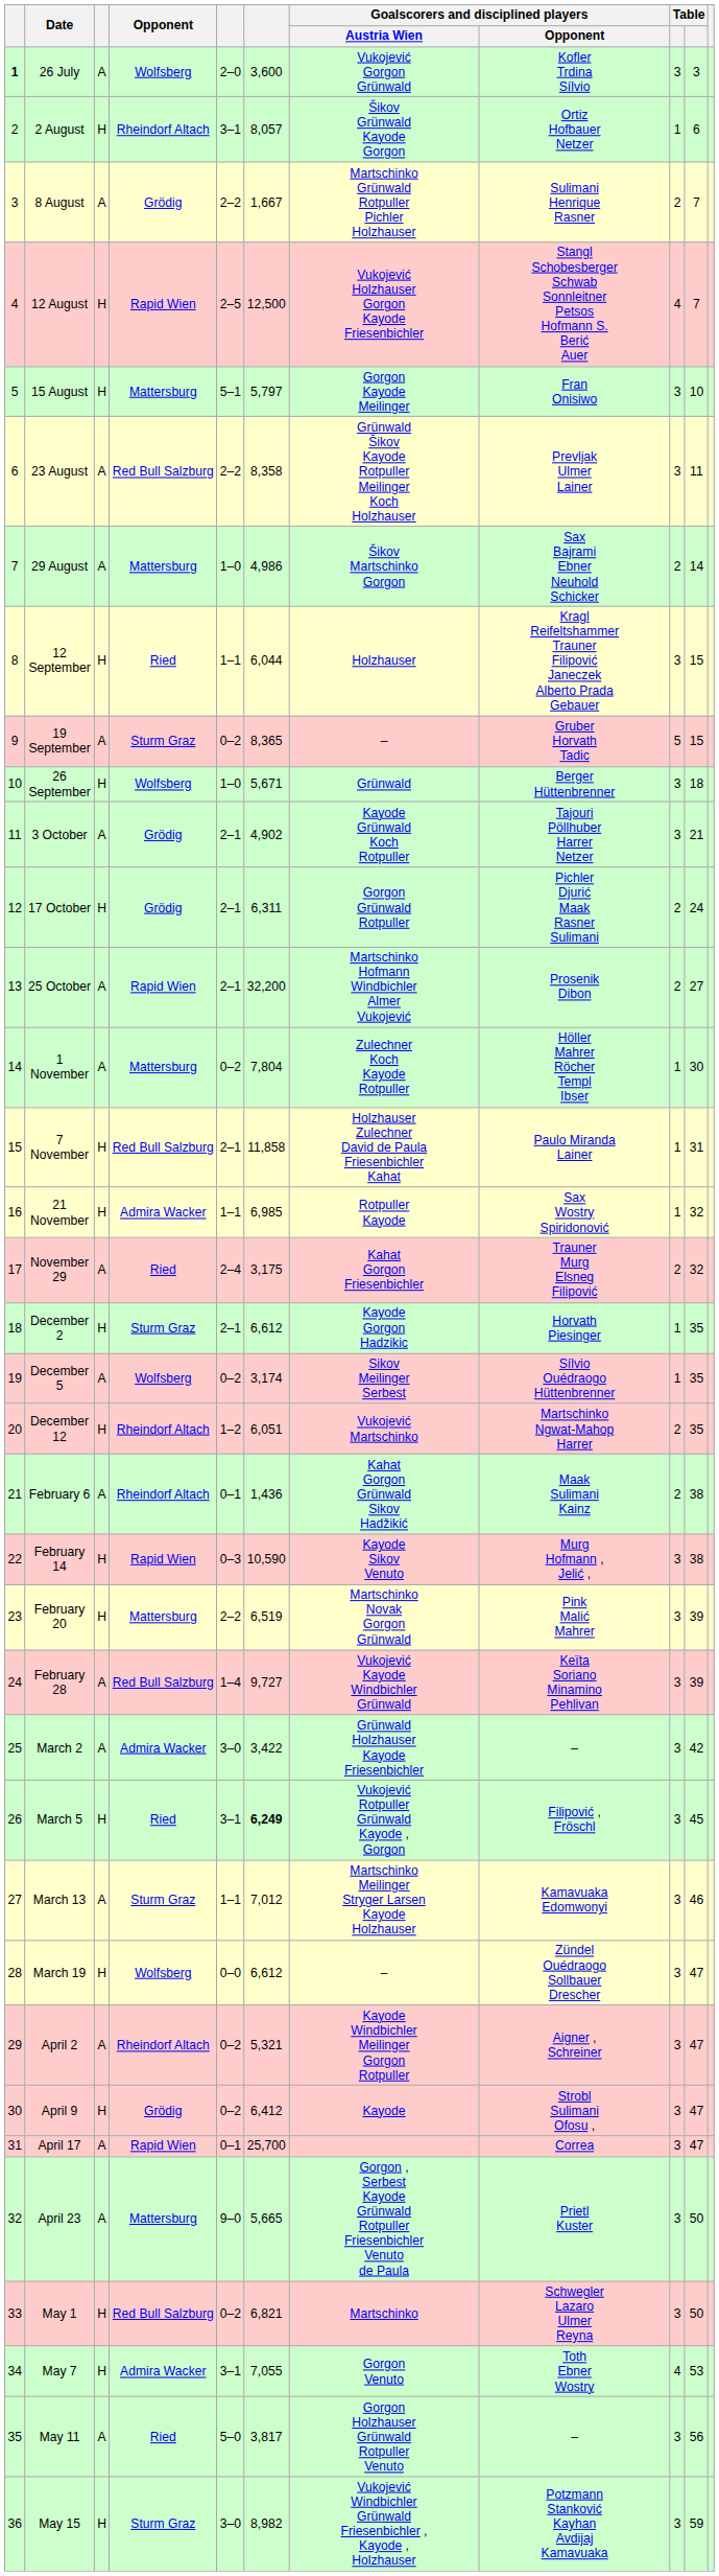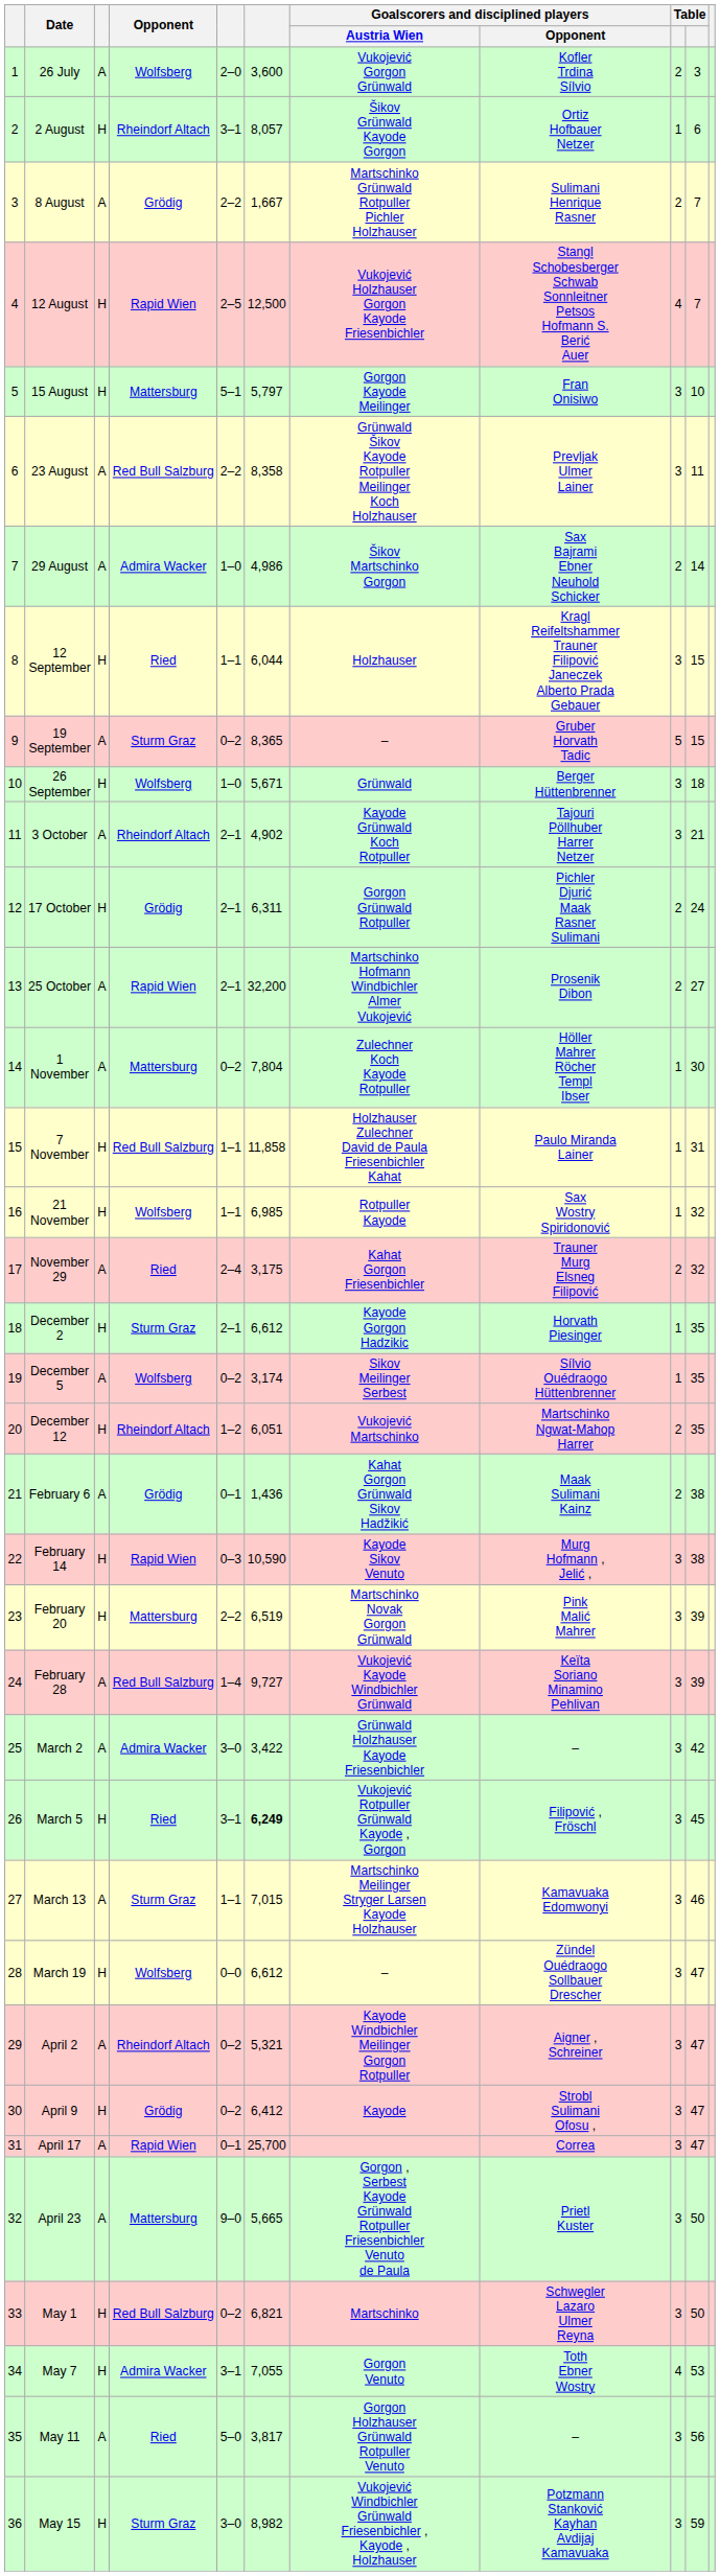 <table class="wikitable" Style="text-align: center;font-size:75%">
 <tr>
 <th rowspan="2"></th>
 <th rowspan="2" style="width:60px">Date</th>
 <th rowspan="2"></th>
 <th rowspan="2">Opponent</th>
 <th rowspan="2"><br></th>
 <th rowspan="2"></th>
 <th colspan="2">Goalscorers and disciplined players</th>
 <th colspan="2">Table</th>
 <th rowspan="2"></th>
 </tr>
 <tr>
 <th style="width:175px"><a href='#'>Austria Wien</a></th>
 <th style="width:175px">Opponent</th>
 <th></th>
 <th></th>
 </tr>
 <tr style="background:#cfc">
-<td><strong>1</strong></td>
+<td>1</td>
 <td>26 July</td>
 <td>A</td>
 <td><a href='#'>Wolfsberg</a></td>
 <td>2–0</td>
 <td>3,600</td>
 <td><a href='#'>Vukojević</a> <br><a href='#'>Gorgon</a> <br><a href='#'>Grünwald</a> </td>
 <td><a href='#'>Kofler</a> <br><a href='#'>Trdina</a> <br><a href='#'>Sílvio</a> </td>
-<td>3</td>
+<td>2</td>
 <td>3</td>
 <td><br></td>
 </tr>
 <tr style="background:#cfc">
 <td>2</td>
 <td>2 August</td>
 <td>H</td>
 <td><a href='#'>Rheindorf Altach</a></td>
 <td>3–1</td>
 <td>8,057</td>
 <td><a href='#'>Šikov</a> <br><a href='#'>Grünwald</a> <br><a href='#'>Kayode</a> <br><a href='#'>Gorgon</a> </td>
 <td><a href='#'>Ortiz</a> <br><a href='#'>Hofbauer</a> <br><a href='#'>Netzer</a> </td>
 <td>1</td>
 <td>6</td>
 <td><br></td>
 </tr>
 <tr style="background:#ffc">
 <td>3</td>
 <td>8 August</td>
 <td>A</td>
 <td><a href='#'>Grödig</a></td>
 <td>2–2</td>
 <td>1,667</td>
 <td><a href='#'>Martschinko</a> <br><a href='#'>Grünwald</a>  <br><a href='#'>Rotpuller</a> <br><a href='#'>Pichler</a> <br><a href='#'>Holzhauser</a> </td>
 <td><a href='#'>Sulimani</a> <br><a href='#'>Henrique</a> <br><a href='#'>Rasner</a> </td>
 <td>2</td>
 <td>7</td>
 <td><br></td>
 </tr>
 <tr style="background:#fcc">
 <td>4</td>
 <td>12 August</td>
 <td>H</td>
 <td><a href='#'>Rapid Wien</a></td>
 <td>2–5</td>
 <td>12,500</td>
 <td><a href='#'>Vukojević</a> <br><a href='#'>Holzhauser</a> <br><a href='#'>Gorgon</a> <br><a href='#'>Kayode</a>  <br> <a href='#'>Friesenbichler</a> </td>
 <td><a href='#'>Stangl</a> <br><a href='#'>Schobesberger</a> <br><a href='#'>Schwab</a> <br><a href='#'>Sonnleitner</a> <br><a href='#'>Petsos</a> <br><a href='#'>Hofmann S.</a> <br><a href='#'>Berić</a> <br><a href='#'>Auer</a> </td>
 <td>4</td>
 <td>7</td>
 <td><br></td>
 </tr>
 <tr style="background:#cfc">
 <td>5</td>
 <td>15 August</td>
 <td>H</td>
 <td><a href='#'>Mattersburg</a></td>
 <td>5–1</td>
 <td>5,797</td>
 <td><a href='#'>Gorgon</a>  <br> <a href='#'>Kayode</a>  <br> <a href='#'>Meilinger</a> </td>
 <td><a href='#'>Fran</a>  <br> <a href='#'>Onisiwo</a> </td>
 <td>3</td>
 <td>10</td>
 <td><br></td>
 </tr>
 <tr style="background:#ffc">
 <td>6</td>
 <td>23 August</td>
 <td>A</td>
 <td><a href='#'>Red Bull Salzburg</a></td>
 <td>2–2</td>
 <td>8,358</td>
 <td><a href='#'>Grünwald</a> <br><a href='#'>Šikov</a> <br><a href='#'>Kayode</a> <br><a href='#'>Rotpuller</a>  <br><a href='#'>Meilinger</a> <br><a href='#'>Koch</a> <br><a href='#'>Holzhauser</a> </td>
 <td><a href='#'>Prevljak</a> <br><a href='#'>Ulmer</a> <br><a href='#'>Lainer</a> </td>
 <td>3</td>
 <td>11</td>
 <td><br></td>
 </tr>
 <tr style="background:#cfc">
 <td>7</td>
 <td>29 August</td>
 <td>A</td>
-<td><a href='#'>Mattersburg</a></td>
+<td><a href='#'>Admira Wacker</a></td>
 <td>1–0</td>
 <td>4,986</td>
 <td><a href='#'>Šikov</a>  <br> <a href='#'>Martschinko</a>  <br> <a href='#'>Gorgon</a> </td>
 <td><a href='#'>Sax</a>  <br> <a href='#'>Bajrami</a>  <br> <a href='#'>Ebner</a>  <br> <a href='#'>Neuhold</a>  <br> <a href='#'>Schicker</a> </td>
 <td>2</td>
 <td>14</td>
 <td><br></td>
 </tr>
 <tr style="background:#ffc">
 <td>8</td>
 <td>12 September</td>
 <td>H</td>
 <td><a href='#'>Ried</a></td>
 <td>1–1</td>
 <td>6,044</td>
 <td><a href='#'>Holzhauser</a> </td>
 <td><a href='#'>Kragl</a>  <br> <a href='#'>Reifeltshammer</a>  <br> <a href='#'>Trauner</a>  <br> <a href='#'>Filipović</a>  <br> <a href='#'>Janeczek</a>  <br> <a href='#'>Alberto Prada</a>  <br> <a href='#'>Gebauer</a> </td>
 <td>3</td>
 <td>15</td>
 <td><br></td>
 </tr>
 <tr style="background:#fcc">
 <td>9</td>
 <td>19 September</td>
 <td>A</td>
 <td><a href='#'>Sturm Graz</a></td>
 <td>0–2</td>
 <td>8,365</td>
 <td>–</td>
 <td><a href='#'>Gruber</a>  <br> <a href='#'>Horvath</a>  <br> <a href='#'>Tadic</a> </td>
 <td>5</td>
 <td>15</td>
 <td><br></td>
 </tr>
 <tr style="background:#cfc">
 <td>10</td>
 <td>26 September</td>
 <td>H</td>
 <td><a href='#'>Wolfsberg</a></td>
 <td>1–0</td>
 <td>5,671</td>
 <td><a href='#'>Grünwald</a> </td>
 <td><a href='#'>Berger</a>  <br> <a href='#'>Hüttenbrenner</a> </td>
 <td>3</td>
 <td>18</td>
 <td><br></td>
 </tr>
 <tr style="background:#cfc">
 <td>11</td>
 <td>3 October</td>
 <td>A</td>
-<td><a href='#'>Grödig</a></td>
+<td><a href='#'>Rheindorf Altach</a></td>
 <td>2–1</td>
 <td>4,902</td>
 <td><a href='#'>Kayode</a>  <br> <a href='#'>Grünwald</a>  <br> <a href='#'>Koch</a>   <br> <a href='#'>Rotpuller</a> </td>
 <td><a href='#'>Tajouri</a>  <br> <a href='#'>Pöllhuber</a>  <br> <a href='#'>Harrer</a>  <br> <a href='#'>Netzer</a> </td>
 <td>3</td>
 <td>21</td>
 <td><br></td>
 </tr>
 <tr style="background:#cfc">
 <td>12</td>
 <td>17 October</td>
 <td>H</td>
 <td><a href='#'>Grödig</a></td>
 <td>2–1</td>
 <td>6,311</td>
 <td><a href='#'>Gorgon</a>  <br> <a href='#'>Grünwald</a>  <br> <a href='#'>Rotpuller</a> </td>
 <td><a href='#'>Pichler</a>  <br> <a href='#'>Djurić</a>   <br> <a href='#'>Maak</a>  <br> <a href='#'>Rasner</a>  <br> <a href='#'>Sulimani</a> </td>
 <td>2</td>
 <td>24</td>
 <td><br></td>
 </tr>
 <tr style="background:#cfc">
 <td>13</td>
 <td>25 October</td>
 <td>A</td>
 <td><a href='#'>Rapid Wien</a></td>
 <td>2–1</td>
 <td>32,200</td>
 <td><a href='#'>Martschinko</a>  <br> <a href='#'>Hofmann</a>  <br> <a href='#'>Windbichler</a>  <br> <a href='#'>Almer</a>  <br> <a href='#'>Vukojević</a> </td>
 <td><a href='#'>Prosenik</a>  <br> <a href='#'>Dibon</a> </td>
 <td>2</td>
 <td>27</td>
 <td><br></td>
 </tr>
 <tr style="background:#cfc">
 <td>14</td>
 <td>1 November</td>
 <td>A</td>
 <td><a href='#'>Mattersburg</a></td>
 <td>0–2</td>
 <td>7,804</td>
 <td><a href='#'>Zulechner</a>  <br> <a href='#'>Koch</a>  <br> <a href='#'>Kayode</a>  <br> <a href='#'>Rotpuller</a> </td>
 <td><a href='#'>Höller</a>  <br> <a href='#'>Mahrer</a>  <br> <a href='#'>Röcher</a>  <br> <a href='#'>Templ</a>  <br> <a href='#'>Ibser</a> </td>
 <td>1</td>
 <td>30</td>
 <td><br></td>
 </tr>
 <tr style="background:#ffc">
 <td>15</td>
 <td>7 November</td>
 <td>H</td>
 <td><a href='#'>Red Bull Salzburg</a></td>
-<td>2–1</td>
+<td>1–1</td>
 <td>11,858</td>
 <td><a href='#'>Holzhauser</a>  <br> <a href='#'>Zulechner</a>  <br> <a href='#'>David de Paula</a>  <br> <a href='#'>Friesenbichler</a>  <br> <a href='#'>Kahat</a> </td>
 <td><a href='#'>Paulo Miranda</a>   <br> <a href='#'>Lainer</a> </td>
 <td>1</td>
 <td>31</td>
 <td><br></td>
 </tr>
 <tr style="background:#ffc">
 <td>16</td>
 <td>21 November</td>
 <td>H</td>
-<td><a href='#'>Admira Wacker</a></td>
+<td><a href='#'>Wolfsberg</a></td>
 <td>1–1</td>
 <td>6,985</td>
 <td><a href='#'>Rotpuller</a>  <br> <a href='#'>Kayode</a> </td>
 <td><a href='#'>Sax</a>  <br> <a href='#'>Wostry</a>  <br> <a href='#'>Spiridonović</a>  </td>
 <td>1</td>
 <td>32</td>
 <td></td>
 </tr>
 <tr style="background:#fcc">
 <td>17</td>
 <td>November 29</td>
 <td>A</td>
 <td><a href='#'>Ried</a></td>
 <td>2–4</td>
 <td>3,175</td>
 <td><a href='#'>Kahat</a>  <br> <a href='#'>Gorgon</a>  <br> <a href='#'>Friesenbichler</a> </td>
 <td><a href='#'>Trauner</a>   <br> <a href='#'>Murg</a>  <br> <a href='#'>Elsneg</a>  <br> <a href='#'>Filipović</a> </td>
 <td>2</td>
 <td>32</td>
 <td></td>
 </tr>
 <tr style="background:#cfc">
 <td>18</td>
 <td>December 2</td>
 <td>H</td>
 <td><a href='#'>Sturm Graz</a></td>
 <td>2–1</td>
 <td>6,612</td>
 <td><a href='#'>Kayode</a>   <br> <a href='#'>Gorgon</a>  <br> <a href='#'>Hadzikic</a> </td>
 <td><a href='#'>Horvath</a>  <br> <a href='#'>Piesinger</a> </td>
 <td>1</td>
 <td>35</td>
 <td></td>
 </tr>
 <tr style="background:#fcc">
 <td>19</td>
 <td>December 5</td>
 <td>A</td>
 <td><a href='#'>Wolfsberg</a></td>
 <td>0–2</td>
 <td>3,174</td>
 <td><a href='#'>Sikov</a>  <br> <a href='#'>Meilinger</a>  <br> <a href='#'>Serbest</a> </td>
 <td><a href='#'>Sílvio</a>  <br> <a href='#'>Ouédraogo</a>  <br> <a href='#'>Hüttenbrenner</a> </td>
 <td>1</td>
 <td>35</td>
 <td></td>
 </tr>
 <tr style="background:#fcc">
 <td>20</td>
 <td>December 12</td>
 <td>H</td>
 <td><a href='#'>Rheindorf Altach</a></td>
 <td>1–2</td>
 <td>6,051</td>
 <td><a href='#'>Vukojević</a>  <br> <a href='#'>Martschinko</a> </td>
 <td><a href='#'>Martschinko</a>  <br> <a href='#'>Ngwat-Mahop</a>  <br> <a href='#'>Harrer</a> </td>
 <td>2</td>
 <td>35</td>
 <td></td>
 </tr>
 <tr style="background:#cfc">
 <td>21</td>
 <td>February 6</td>
 <td>A</td>
-<td><a href='#'>Rheindorf Altach</a></td>
+<td><a href='#'>Grödig</a></td>
 <td>0–1</td>
 <td>1,436</td>
 <td><a href='#'>Kahat</a>  <br> <a href='#'>Gorgon</a>  <br> <a href='#'>Grünwald</a>  <br> <a href='#'>Sikov</a>  <br> <a href='#'>Hadžikić</a> </td>
 <td><a href='#'>Maak</a>  <br> <a href='#'>Sulimani</a>  <br> <a href='#'>Kainz</a> </td>
 <td>2</td>
 <td>38</td>
 <td></td>
 </tr>
 <tr style="background:#fcc">
 <td>22</td>
 <td>February 14</td>
 <td>H</td>
 <td><a href='#'>Rapid Wien</a></td>
 <td>0–3</td>
 <td>10,590</td>
 <td><a href='#'>Kayode</a>  <br> <a href='#'>Sikov</a>  <br> <a href='#'>Venuto</a> </td>
 <td><a href='#'>Murg</a>  <br> <a href='#'>Hofmann</a> ,  <br> <a href='#'>Jelić</a> , </td>
 <td>3</td>
 <td>38</td>
 <td></td>
 </tr>
 <tr style="background:#ffc">
 <td>23</td>
 <td>February 20</td>
 <td>H</td>
 <td><a href='#'>Mattersburg</a></td>
 <td>2–2</td>
 <td>6,519</td>
 <td><a href='#'>Martschinko</a>  <br> <a href='#'>Novak</a>  <br> <a href='#'>Gorgon</a>  <br> <a href='#'>Grünwald</a> </td>
 <td><a href='#'>Pink</a>  <br> <a href='#'>Malić</a>  <br> <a href='#'>Mahrer</a> </td>
 <td>3</td>
 <td>39</td>
 <td></td>
 </tr>
 <tr style="background:#fcc">
 <td>24</td>
 <td>February 28</td>
 <td>A</td>
 <td><a href='#'>Red Bull Salzburg</a></td>
 <td>1–4</td>
 <td>9,727</td>
 <td><a href='#'>Vukojević</a>  <br> <a href='#'>Kayode</a>  <br> <a href='#'>Windbichler</a>  <br> <a href='#'>Grünwald</a> </td>
 <td><a href='#'>Keïta</a>  <br> <a href='#'>Soriano</a>  <br> <a href='#'>Minamino</a>  <br> <a href='#'>Pehlivan</a> </td>
 <td>3</td>
 <td>39</td>
 <td></td>
 </tr>
 <tr style="background:#cfc">
 <td>25</td>
 <td>March 2</td>
 <td>A</td>
 <td><a href='#'>Admira Wacker</a></td>
 <td>3–0</td>
 <td>3,422</td>
 <td><a href='#'>Grünwald</a>  <br> <a href='#'>Holzhauser</a>  <br> <a href='#'>Kayode</a>  <br> <a href='#'>Friesenbichler</a> </td>
 <td>–</td>
 <td>3</td>
 <td>42</td>
 <td></td>
 </tr>
 <tr style="background:#cfc">
 <td>26</td>
 <td>March 5</td>
 <td>H</td>
 <td><a href='#'>Ried</a></td>
 <td>3–1</td>
 <td><strong>6,249</strong></td>
 <td><a href='#'>Vukojević</a>  <br> <a href='#'>Rotpuller</a>  <br> <a href='#'>Grünwald</a>  <br> <a href='#'>Kayode</a> ,  <br> <a href='#'>Gorgon</a> </td>
 <td><a href='#'>Filipović</a> ,  <br> <a href='#'>Fröschl</a> </td>
 <td>3</td>
 <td>45</td>
 <td></td>
 </tr>
 <tr style="background:#ffc">
 <td>27</td>
 <td>March 13</td>
 <td>A</td>
 <td><a href='#'>Sturm Graz</a></td>
 <td>1–1</td>
-<td>7,012</td>
+<td>7,015</td>
 <td><a href='#'>Martschinko</a>  <br> <a href='#'>Meilinger</a>  <br> <a href='#'>Stryger Larsen</a>  <br> <a href='#'>Kayode</a>  <br> <a href='#'>Holzhauser</a> </td>
 <td><a href='#'>Kamavuaka</a>  <br> <a href='#'>Edomwonyi</a> </td>
 <td>3</td>
 <td>46</td>
 <td></td>
 </tr>
 <tr style="background:#ffc">
 <td>28</td>
 <td>March 19</td>
 <td>H</td>
 <td><a href='#'>Wolfsberg</a></td>
 <td>0–0</td>
 <td>6,612</td>
 <td>–</td>
 <td><a href='#'>Zündel</a>  <br> <a href='#'>Ouédraogo</a>  <br> <a href='#'>Sollbauer</a>  <br> <a href='#'>Drescher</a> </td>
 <td>3</td>
 <td>47</td>
 <td></td>
 </tr>
 <tr style="background:#fcc">
 <td>29</td>
 <td>April 2</td>
 <td>A</td>
 <td><a href='#'>Rheindorf Altach</a></td>
 <td>0–2</td>
 <td>5,321</td>
 <td><a href='#'>Kayode</a>  <br> <a href='#'>Windbichler</a>  <br> <a href='#'>Meilinger</a>  <br> <a href='#'>Gorgon</a>  <br> <a href='#'>Rotpuller</a> </td>
 <td><a href='#'>Aigner</a> ,  <br> <a href='#'>Schreiner</a> </td>
 <td>3</td>
 <td>47</td>
 <td></td>
 </tr>
 <tr style="background:#fcc">
 <td>30</td>
 <td>April 9</td>
 <td>H</td>
 <td><a href='#'>Grödig</a></td>
 <td>0–2</td>
 <td>6,412</td>
 <td><a href='#'>Kayode</a> </td>
 <td><a href='#'>Strobl</a>  <br> <a href='#'>Sulimani</a>  <br> <a href='#'>Ofosu</a> , </td>
 <td>3</td>
 <td>47</td>
 <td></td>
 </tr>
 <tr style="background:#fcc">
 <td>31</td>
 <td>April 17</td>
 <td>A</td>
 <td><a href='#'>Rapid Wien</a></td>
 <td>0–1</td>
 <td>25,700</td>
 <td></td>
 <td><a href='#'>Correa</a> </td>
 <td>3</td>
 <td>47</td>
 <td></td>
 </tr>
 <tr style="background:#cfc">
 <td>32</td>
 <td>April 23</td>
 <td>A</td>
 <td><a href='#'>Mattersburg</a></td>
 <td>9–0</td>
 <td>5,665</td>
 <td><a href='#'>Gorgon</a> ,  <br> <a href='#'>Serbest</a>  <br> <a href='#'>Kayode</a>  <br> <a href='#'>Grünwald</a>  <br> <a href='#'>Rotpuller</a>  <br> <a href='#'>Friesenbichler</a>  <br> <a href='#'>Venuto</a>  <br> <a href='#'>de Paula</a> </td>
 <td><a href='#'>Prietl</a>  <br> <a href='#'>Kuster</a> </td>
 <td>3</td>
 <td>50</td>
 <td></td>
 </tr>
 <tr style="background:#fcc">
 <td>33</td>
 <td>May 1</td>
 <td>H</td>
 <td><a href='#'>Red Bull Salzburg</a></td>
 <td>0–2</td>
 <td>6,821</td>
 <td><a href='#'>Martschinko</a> </td>
 <td><a href='#'>Schwegler</a>  <br><a href='#'>Lazaro</a>  <br> <a href='#'>Ulmer</a>  <br> <a href='#'>Reyna</a> </td>
 <td>3</td>
 <td>50</td>
 <td></td>
 </tr>
 <tr style="background:#cfc">
 <td>34</td>
 <td>May 7</td>
 <td>H</td>
 <td><a href='#'>Admira Wacker</a></td>
 <td>3–1</td>
 <td>7,055</td>
 <td><a href='#'>Gorgon</a>  <br> <a href='#'>Venuto</a> </td>
 <td><a href='#'>Toth</a>  <br> <a href='#'>Ebner</a>  <br> <a href='#'>Wostry</a> </td>
 <td>4</td>
 <td>53</td>
 <td></td>
 </tr>
 <tr style="background:#cfc">
 <td>35</td>
 <td>May 11</td>
 <td>A</td>
 <td><a href='#'>Ried</a></td>
 <td>5–0</td>
 <td>3,817</td>
 <td><a href='#'>Gorgon</a>  <br> <a href='#'>Holzhauser</a>  <br> <a href='#'>Grünwald</a>  <br> <a href='#'>Rotpuller</a>  <br> <a href='#'>Venuto</a> </td>
 <td>–</td>
 <td>3</td>
 <td>56</td>
 <td></td>
 </tr>
 <tr style="background:#cfc">
 <td>36</td>
 <td>May 15</td>
 <td>H</td>
 <td><a href='#'>Sturm Graz</a></td>
 <td>3–0</td>
 <td>8,982</td>
 <td><a href='#'>Vukojević</a>  <br> <a href='#'>Windbichler</a>  <br> <a href='#'>Grünwald</a>  <br> <a href='#'>Friesenbichler</a> ,  <br> <a href='#'>Kayode</a> ,  <br> <a href='#'>Holzhauser</a> </td>
 <td><a href='#'>Potzmann</a>  <br> <a href='#'>Stanković</a>  <br> <a href='#'>Kayhan</a>  <br> <a href='#'>Avdijaj</a>  <br> <a href='#'>Kamavuaka</a> </td>
 <td>3</td>
 <td>59</td>
 <td></td>
 </tr>
 </table>
